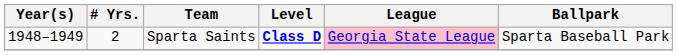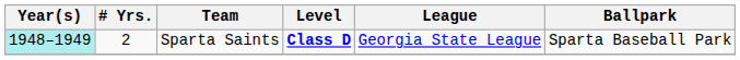 <table class="wikitable" style="text-align:center; font-size: 95%;">
 <tr>
 <th>Year(s)</th>
 <th># Yrs.</th>
 <th>Team</th>
 <th>Level</th>
 <th>League</th>
 <th>Ballpark</th>
 </tr>
 <tr>
-<td>1948–1949</td>
+<td style="background: paleturquoise;">1948–1949</td>
 <td>2</td>
 <td>Sparta Saints</td>
 <td><strong><a href='#'>Class D</a></strong></td>
-<td style="background: pink;"><a href='#'>Georgia State League</a></td>
+<td><a href='#'>Georgia State League</a></td>
 <td>Sparta Baseball Park</td>
 </tr>
 <tr>
 </tr>
 </table>
